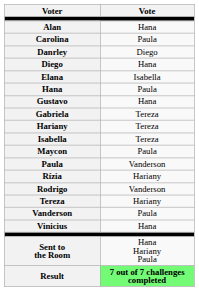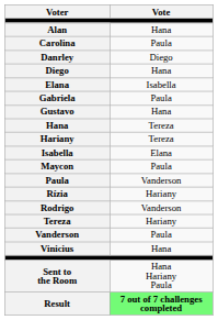 <table class="wikitable" style="text-align:center; font-size:85%; width:15%; line-height:13px;">
 <tr>
 <th style="width:6%">Voter</th>
 <th style="width:6%">Vote</th>
 </tr>
 <tr>
 <td bgcolor=000000 colspan=2></td>
 </tr>
 <tr>
 <th>Alan</th>
 <td>Hana</td>
 </tr>
 <tr>
 <th>Carolina</th>
 <td>Paula</td>
 </tr>
 <tr>
 <th>Danrley</th>
 <td>Diego</td>
 </tr>
 <tr>
 <th>Diego</th>
 <td>Hana</td>
 </tr>
 <tr>
 <th>Elana</th>
 <td>Isabella</td>
 </tr>
 <tr>
-<th>Hana</th>
+<th>Gabriela</th>
 <td>Paula</td>
 </tr>
 <tr>
 <th>Gustavo</th>
 <td>Hana</td>
 </tr>
 <tr>
-<th>Gabriela</th>
+<th>Hana</th>
 <td>Tereza</td>
 </tr>
 <tr>
 <th>Hariany</th>
 <td>Tereza</td>
 </tr>
 <tr>
 <th>Isabella</th>
-<td>Tereza</td>
+<td>Elana</td>
 </tr>
 <tr>
 <th>Maycon</th>
 <td>Paula</td>
 </tr>
 <tr>
 <th>Paula</th>
 <td>Vanderson</td>
 </tr>
 <tr>
 <th>Rízia</th>
 <td>Hariany</td>
 </tr>
 <tr>
 <th>Rodrigo</th>
 <td>Vanderson</td>
 </tr>
 <tr>
 <th>Tereza</th>
 <td>Hariany</td>
 </tr>
 <tr>
 <th>Vanderson</th>
 <td>Paula</td>
 </tr>
 <tr>
 <th>Vinicius</th>
 <td>Hana</td>
 </tr>
 <tr>
 <td bgcolor=000000 colspan=2></td>
 </tr>
 <tr>
 <th>Sent to<br>the Room</th>
 <td>Hana<br>Hariany<br>Paula</td>
 </tr>
 <tr>
 <th>Result</th>
 <td bgcolor=73FB76><strong>7 out of 7 challenges completed</strong></td>
 </tr>
 </table>
